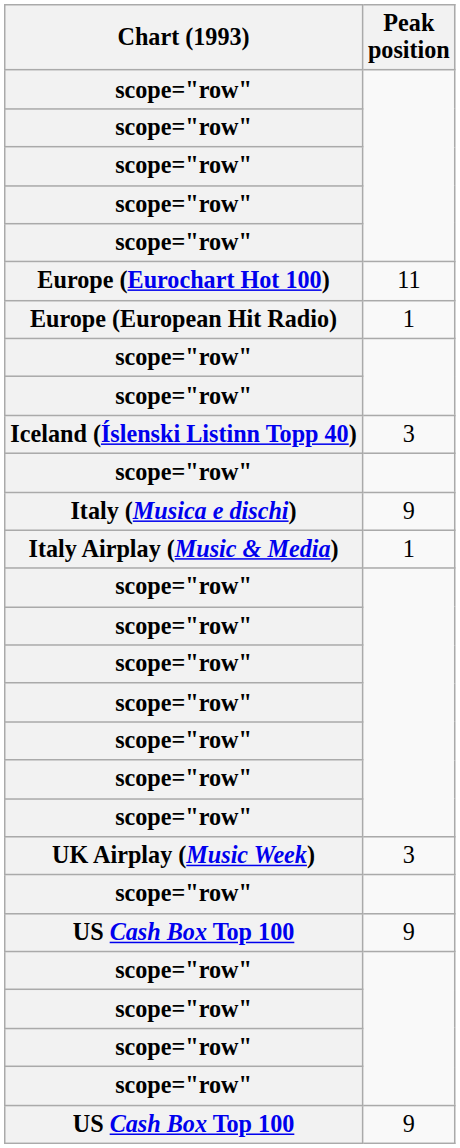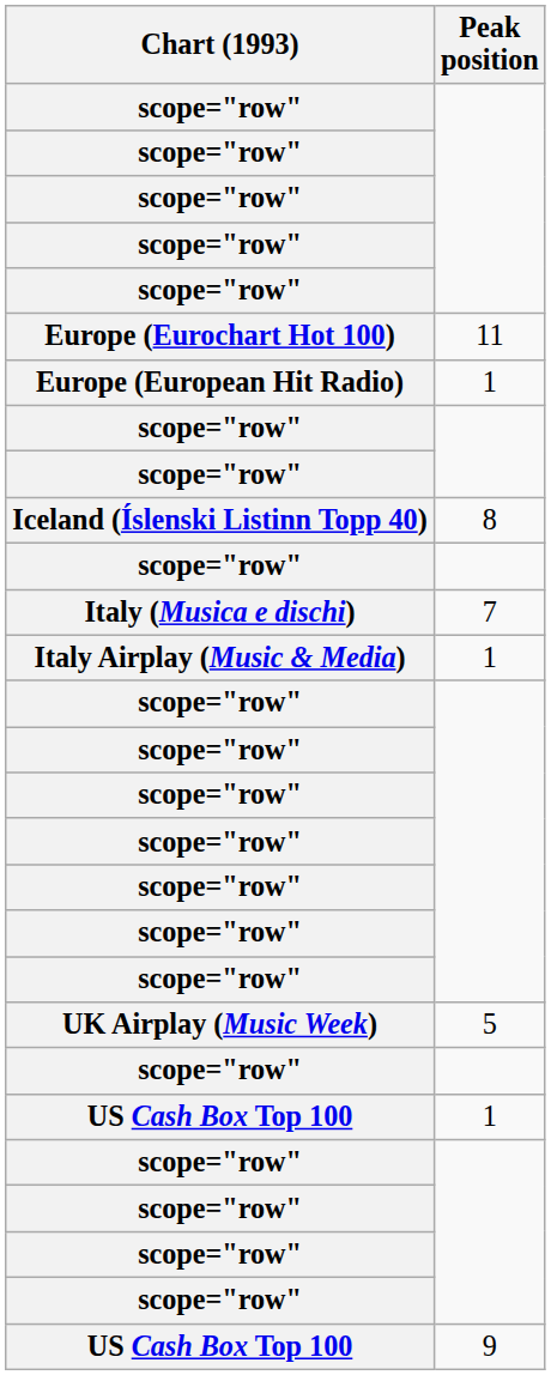 <table class="wikitable plainrowheaders sortable" style="text-align:center">
 <tr>
 <th scope="col">Chart (1993)</th>
 <th scope="col">Peak<br>position</th>
 </tr>
 <tr>
 <th>scope="row"</th>
 </tr>
 <tr>
 <th>scope="row"</th>
 </tr>
 <tr>
 <th>scope="row"</th>
 </tr>
 <tr>
 <th>scope="row"</th>
 </tr>
 <tr>
 <th>scope="row"</th>
 </tr>
 <tr>
 <th scope="row">Europe (<a href='#'>Eurochart Hot 100</a>)</th>
 <td>11</td>
 </tr>
 <tr>
 <th scope="row">Europe (European Hit Radio)</th>
 <td>1</td>
 </tr>
 <tr>
 <th>scope="row"</th>
 </tr>
 <tr>
 <th>scope="row"</th>
 </tr>
 <tr>
 <th scope="row">Iceland (<a href='#'>Íslenski Listinn Topp 40</a>)</th>
-<td>3</td>
+<td>8</td>
 </tr>
 <tr>
 <th>scope="row"</th>
 </tr>
 <tr>
 <th scope="row">Italy (<em><a href='#'>Musica e dischi</a></em>)</th>
-<td>9</td>
+<td>7</td>
 </tr>
 <tr>
 <th scope="row">Italy Airplay (<em><a href='#'>Music & Media</a></em>)</th>
 <td>1</td>
 </tr>
 <tr>
 <th>scope="row"</th>
 </tr>
 <tr>
 <th>scope="row"</th>
 </tr>
 <tr>
 <th>scope="row"</th>
 </tr>
 <tr>
 <th>scope="row"</th>
 </tr>
 <tr>
 <th>scope="row"</th>
 </tr>
 <tr>
 <th>scope="row"</th>
 </tr>
 <tr>
 <th>scope="row"</th>
 </tr>
 <tr>
 <th scope="row">UK Airplay (<em><a href='#'>Music Week</a></em>)</th>
-<td>3</td>
+<td>5</td>
 </tr>
 <tr>
 <th>scope="row"</th>
 </tr>
 <tr>
 <th scope="row">US <a href='#'><em>Cash Box</em> Top 100</a></th>
-<td>9</td>
+<td>1</td>
 </tr>
 <tr>
 <th>scope="row"</th>
 </tr>
 <tr>
 <th>scope="row"</th>
 </tr>
 <tr>
 <th>scope="row"</th>
 </tr>
 <tr>
 <th>scope="row"</th>
 </tr>
 <tr>
 <th scope="row">US <a href='#'><em>Cash Box</em> Top 100</a></th>
 <td>9</td>
 </tr>
 </table>
